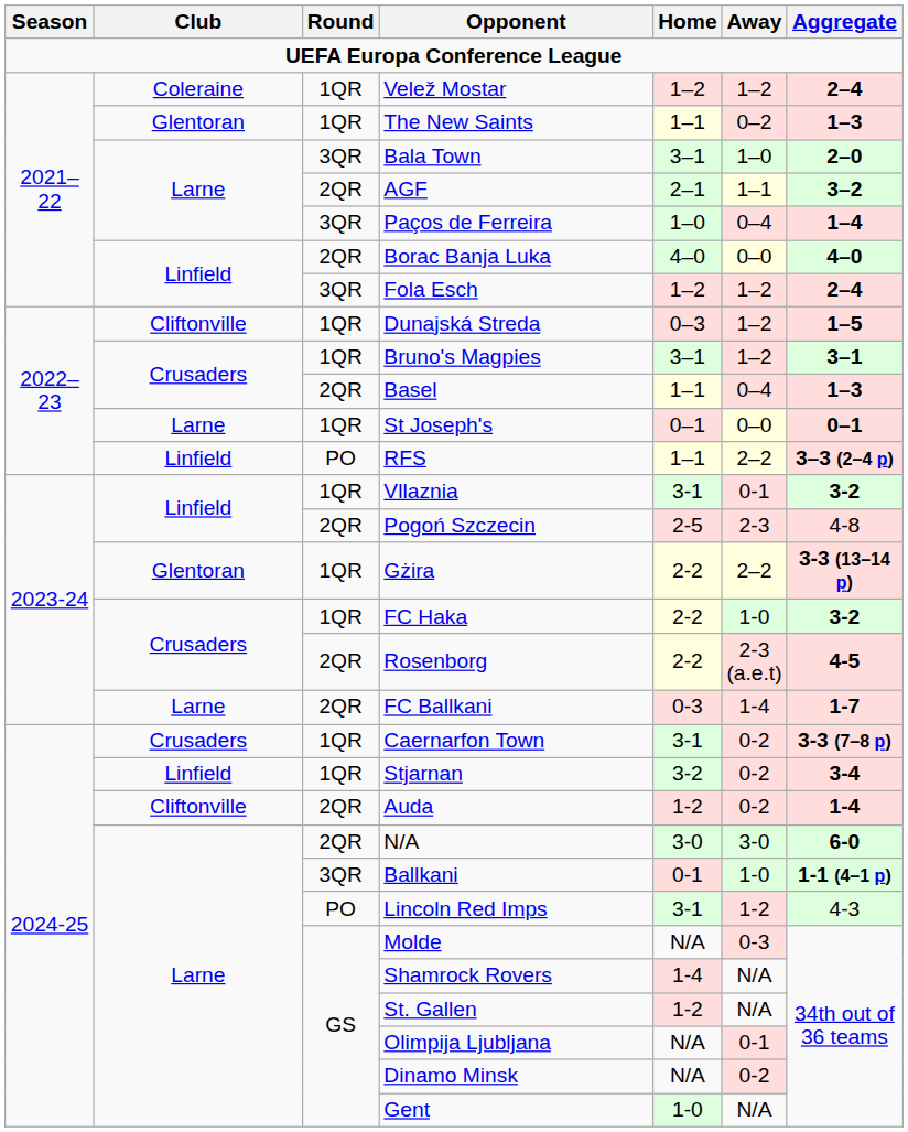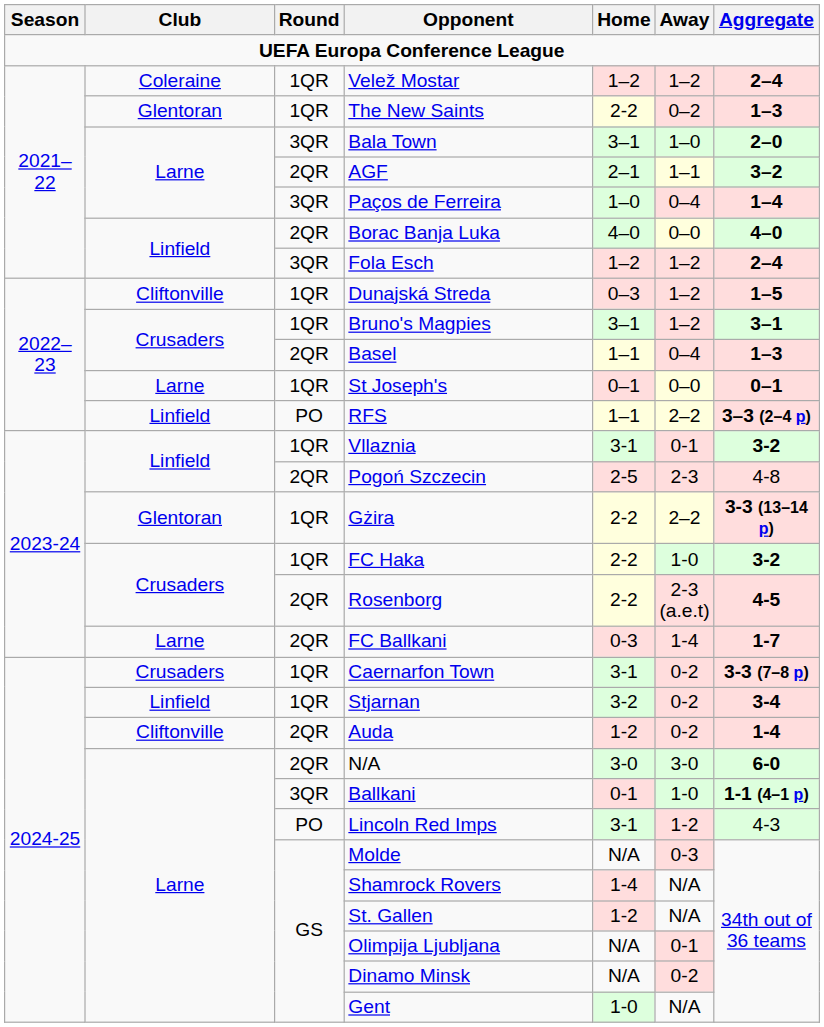 <table class="wikitable" style="font-size:100%; text-align: center;">
 <tr>
 <th width="60">Season</th>
 <th width="150">Club</th>
 <th width="30">Round</th>
 <th width="200">Opponent</th>
 <th width="30">Home</th>
 <th width="30">Away</th>
 <th width="80"><a href='#'>Aggregate</a></th>
 </tr>
 <tr>
 <td colspan="7" align="center"><strong>UEFA Europa Conference League</strong></td>
 </tr>
 <tr>
 <td rowspan=7><a href='#'>2021–22</a></td>
 <td rowspan=1><a href='#'>Coleraine</a></td>
 <td>1QR</td>
 <td align="left"> <a href='#'>Velež Mostar</a></td>
 <td bgcolor="#ffdddd">1–2</td>
 <td bgcolor="#ffdddd">1–2</td>
 <td bgcolor="#ffdddd"><strong>2–4</strong></td>
 </tr>
 <tr>
 <td rowspan=1><a href='#'>Glentoran</a></td>
 <td>1QR</td>
 <td align="left"> <a href='#'>The New Saints</a></td>
-<td bgcolor="#ffffdd">1–1</td>
+<td bgcolor="#ffffdd">2-2</td>
 <td bgcolor="#ffdddd">0–2</td>
 <td bgcolor="#ffdddd"><strong>1–3</strong></td>
 </tr>
 <tr>
 <td rowspan=3><a href='#'>Larne</a></td>
 <td>3QR</td>
 <td align="left"> <a href='#'>Bala Town</a></td>
 <td bgcolor="#ddffdd">3–1</td>
 <td bgcolor="#ddffdd">1–0</td>
 <td bgcolor="#ddffdd"><strong>2–0</strong></td>
 </tr>
 <tr>
 <td>2QR</td>
 <td align="left"> <a href='#'>AGF</a></td>
 <td bgcolor="#ddffdd">2–1</td>
 <td bgcolor="#ffffdd">1–1</td>
 <td bgcolor="#ddffdd"><strong>3–2</strong></td>
 </tr>
 <tr>
 <td>3QR</td>
 <td align="left"> <a href='#'>Paços de Ferreira</a></td>
 <td bgcolor="#ddffdd">1–0</td>
 <td bgcolor="#ffdddd">0–4</td>
 <td bgcolor="#ffdddd"><strong> 1–4 </strong></td>
 </tr>
 <tr>
 <td rowspan=2><a href='#'>Linfield</a></td>
 <td>2QR</td>
 <td align="left"> <a href='#'>Borac Banja Luka</a></td>
 <td bgcolor="#ddffdd">4–0</td>
 <td bgcolor="#ffffdd">0–0</td>
 <td bgcolor="#ddffdd"><strong>4–0</strong></td>
 </tr>
 <tr>
 <td>3QR</td>
 <td align="left"> <a href='#'>Fola Esch</a></td>
 <td bgcolor="#ffdddd">1–2</td>
 <td bgcolor="#ffdddd">1–2</td>
 <td bgcolor="#ffdddd"><strong> 2–4 </strong></td>
 </tr>
 <tr>
 <td rowspan=5><a href='#'>2022–23</a></td>
 <td rowspan=1><a href='#'>Cliftonville</a></td>
 <td>1QR</td>
 <td align="left"> <a href='#'>Dunajská Streda</a></td>
 <td bgcolor="#ffdddd">0–3</td>
 <td bgcolor="#ffdddd">1–2</td>
 <td bgcolor="#ffdddd"><strong>1–5</strong></td>
 </tr>
 <tr>
 <td rowspan=2><a href='#'>Crusaders</a></td>
 <td>1QR</td>
 <td align="left"> <a href='#'>Bruno's Magpies</a></td>
 <td bgcolor="#ddffdd">3–1</td>
 <td bgcolor="#ffdddd">1–2</td>
 <td bgcolor="#ddffdd"><strong>3–1</strong></td>
 </tr>
 <tr>
 <td>2QR</td>
 <td align="left"> <a href='#'>Basel</a></td>
 <td bgcolor="#ffffdd">1–1</td>
 <td bgcolor="#ffdddd">0–4</td>
 <td bgcolor="#ffdddd"><strong>1–3</strong></td>
 </tr>
 <tr>
 <td rowspan=1><a href='#'>Larne</a></td>
 <td>1QR</td>
 <td align="left"> <a href='#'>St Joseph's</a></td>
 <td bgcolor="#ffdddd">0–1</td>
 <td bgcolor="#ffffdd">0–0</td>
 <td bgcolor="#ffdddd"><strong>0–1</strong></td>
 </tr>
 <tr>
 <td rowspan=1><a href='#'>Linfield</a></td>
 <td>PO</td>
 <td align="left"> <a href='#'>RFS</a></td>
 <td bgcolor="#ffffdd">1–1</td>
 <td bgcolor="#ffffdd">2–2</td>
 <td bgcolor="#ffdddd"><strong>3–3 <small>(2–4 <a href='#'>p</a>)</small></strong></td>
 </tr>
 <tr>
 <td rowspan="6"><a href='#'>2023-24</a></td>
 <td rowspan=2><a href='#'>Linfield</a></td>
 <td>1QR</td>
 <td align="left"> <a href='#'>Vllaznia</a></td>
 <td bgcolor="#ddffdd">3-1</td>
 <td bgcolor="#ffdddd">0-1</td>
 <td bgcolor="#ddffdd"><strong>3-2</strong></td>
 </tr>
 <tr>
 <td>2QR</td>
 <td align="left"> <a href='#'>Pogoń Szczecin</a></td>
 <td bgcolor="#ffdddd">2-5</td>
 <td bgcolor="#ffdddd">2-3</td>
 <td bgcolor="#ffdddd">4-8</td>
 </tr>
 <tr>
 <td rowspan="1"><a href='#'>Glentoran</a></td>
 <td rowspan=1>1QR</td>
 <td align="left"> <a href='#'>Gżira</a></td>
 <td bgcolor="#ffffdd">2-2</td>
 <td bgcolor="#ffffdd">2–2</td>
 <td bgcolor="#ffdddd"><strong>3-3 <small>(13–14 <a href='#'>p</a>)</small></strong></td>
 </tr>
 <tr>
 <td rowspan="2"><a href='#'>Crusaders</a></td>
 <td>1QR</td>
 <td align="left"> <a href='#'>FC Haka</a></td>
 <td bgcolor="#ffffdd">2-2</td>
 <td bgcolor="#ddffdd">1-0</td>
 <td bgcolor="#ddffdd"><strong>3-2</strong></td>
 </tr>
 <tr>
 <td>2QR</td>
 <td align="left"> <a href='#'>Rosenborg</a></td>
 <td bgcolor="#ffffdd">2-2</td>
 <td bgcolor="#ffdddd">2-3 (a.e.t)</td>
 <td bgcolor="#ffdddd"><strong>4-5</strong></td>
 </tr>
 <tr>
 <td rowspan="1"><a href='#'>Larne</a></td>
 <td>2QR</td>
 <td align="left"><a href='#'>FC Ballkani</a></td>
 <td bgcolor="#ffdddd">0-3</td>
 <td bgcolor="#ffdddd">1-4</td>
 <td bgcolor="#ffdddd"><strong>1-7</strong></td>
 </tr>
 <tr>
 <td rowspan="12"><a href='#'>2024-25</a></td>
 <td rowspan="1"><a href='#'>Crusaders</a></td>
 <td>1QR</td>
 <td align="left"> <a href='#'>Caernarfon Town</a></td>
 <td bgcolor="#ddffdd">3-1</td>
 <td bgcolor="#ffdddd">0-2</td>
 <td bgcolor="#ffdddd"><strong>3-3 <small>(7–8 <a href='#'>p</a>)</small></strong></td>
 </tr>
 <tr>
 <td rowspan=1><a href='#'>Linfield</a></td>
 <td>1QR</td>
 <td align="left"> <a href='#'>Stjarnan</a></td>
 <td bgcolor="#ddffdd">3-2</td>
 <td bgcolor="#ffdddd">0-2</td>
 <td bgcolor="#ffdddd"><strong>3-4</strong></td>
 </tr>
 <tr>
 <td rowspan=1><a href='#'>Cliftonville</a></td>
 <td>2QR</td>
 <td align="left"> <a href='#'>Auda</a></td>
 <td bgcolor="#ffdddd">1-2</td>
 <td bgcolor="#ffdddd">0-2</td>
 <td bgcolor="#ffdddd"><strong>1-4</strong></td>
 </tr>
 <tr>
 <td rowspan=9><a href='#'>Larne</a></td>
 <td>2QR</td>
 <td align="left">N/A</td>
 <td bgcolor="#ddffdd">3-0</td>
 <td bgcolor="#ddffdd">3-0</td>
 <td bgcolor="#ddffdd"><strong>6-0</strong></td>
 </tr>
 <tr>
 <td>3QR</td>
 <td align="left"> <a href='#'>Ballkani</a></td>
 <td bgcolor="#ffdddd">0-1</td>
 <td bgcolor="#ddffdd">1-0</td>
 <td bgcolor="#ddffdd"><strong>1-1 <small>(4–1 <a href='#'>p</a>)</small></strong></td>
 </tr>
 <tr>
 <td>PO</td>
 <td align="left"> <a href='#'>Lincoln Red Imps</a></td>
 <td bgcolor="#ddffdd">3-1</td>
 <td bgcolor="#ffdddd">1-2</td>
 <td bgcolor="#ddffdd">4-3</td>
 </tr>
 <tr>
 <td rowspan=6>GS</td>
 <td align="left"> <a href='#'>Molde</a></td>
 <td>N/A</td>
 <td bgcolor="#ffdddd">0-3</td>
 <td rowspan="6" style="text-align:center;"><a href='#'>34th out of 36 teams</a></td>
 </tr>
 <tr>
 <td align="left"> <a href='#'>Shamrock Rovers</a></td>
 <td bgcolor="#ffdddd">1-4</td>
 <td>N/A</td>
 </tr>
 <tr>
 <td align="left"> <a href='#'>St. Gallen</a></td>
 <td bgcolor="#ffdddd">1-2</td>
 <td>N/A</td>
 </tr>
 <tr>
 <td align="left"> <a href='#'>Olimpija Ljubljana</a></td>
 <td>N/A</td>
 <td bgcolor="#ffdddd">0-1</td>
 </tr>
 <tr>
 <td align="left"> <a href='#'>Dinamo Minsk</a></td>
 <td>N/A</td>
 <td bgcolor="#ffdddd">0-2</td>
 </tr>
 <tr>
 <td align="left"> <a href='#'>Gent</a></td>
 <td bgcolor="#ddffdd">1-0</td>
 <td>N/A</td>
 </tr>
 </table>
